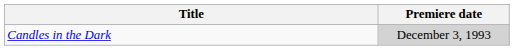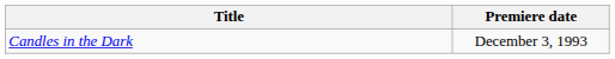 <table class="wikitable plainrowheaders sortable" style="width:50%;text-align:center;">
 <tr>
 <th scope="col" style="width:40%;">Title</th>
 <th scope="col" style="width:14%;">Premiere date</th>
 </tr>
 <tr>
 <td scope="row" style="text-align:left;"><em><a href='#'>Candles in the Dark</a></em></td>
-<td style="background: lightgrey;">December 3, 1993</td>
+<td>December 3, 1993</td>
 </tr>
 </table>
